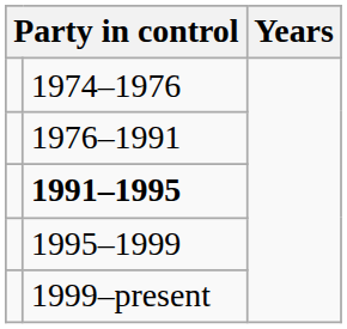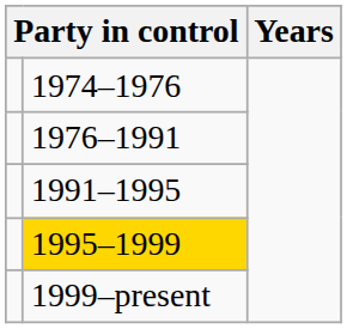 <table class="wikitable">
 <tr>
 <th colspan=2>Party in control</th>
 <th>Years</th>
 </tr>
 <tr>
 <td></td>
 <td>1974–1976</td>
 </tr>
 <tr>
 <td></td>
 <td>1976–1991</td>
 </tr>
 <tr>
 <td></td>
-<td><strong>1991–1995</strong></td>
+<td>1991–1995</td>
 </tr>
 <tr>
 <td></td>
-<td>1995–1999</td>
+<td style="background: gold;">1995–1999</td>
 </tr>
 <tr>
 <td></td>
 <td>1999–present</td>
 </tr>
 </table>
